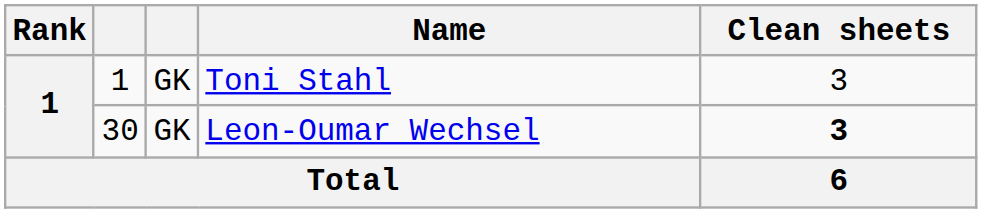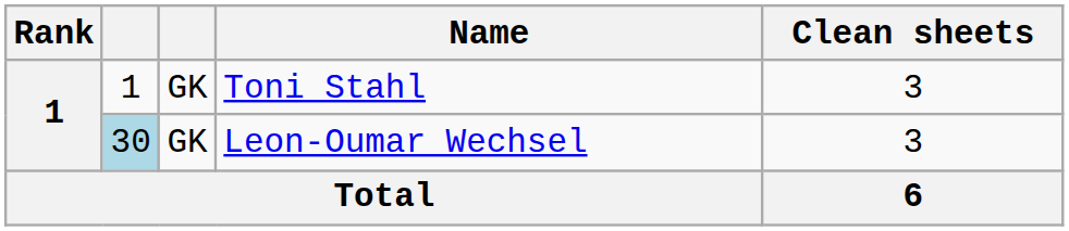 <table class="wikitable" style="text-align:center;">
 <tr>
 <th>Rank</th>
 <th></th>
 <th></th>
 <th width=205>Name</th>
 <th width=110>Clean sheets</th>
 </tr>
 <tr>
 <th rowspan=2>1</th>
 <td>1</td>
 <td>GK</td>
 <td align="left"> <a href='#'>Toni Stahl</a></td>
 <td>3</td>
 </tr>
 <tr>
-<td>30</td>
+<td style="background: lightblue;">30</td>
 <td>GK</td>
 <td align="left"> <a href='#'>Leon-Oumar Wechsel</a></td>
-<td><strong>3</strong></td>
+<td>3</td>
 </tr>
 <tr>
 <th colspan=4>Total</th>
 <th>6</th>
 </tr>
 </table>
